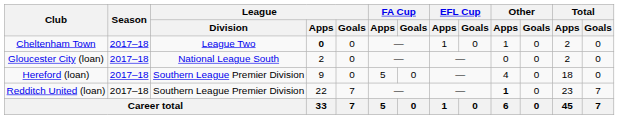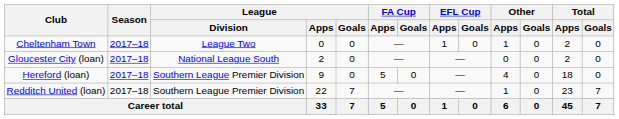 <table class="wikitable" style="text-align: center;">
 <tr>
 <th rowspan="2">Club</th>
 <th rowspan="2">Season</th>
 <th colspan="3">League</th>
 <th colspan="2"><a href='#'>FA Cup</a></th>
 <th colspan="2"><a href='#'>EFL Cup</a></th>
 <th colspan="2">Other</th>
 <th colspan="2">Total</th>
 </tr>
 <tr>
 <th>Division</th>
 <th>Apps</th>
 <th>Goals</th>
 <th>Apps</th>
 <th>Goals</th>
 <th>Apps</th>
 <th>Goals</th>
 <th>Apps</th>
 <th>Goals</th>
 <th>Apps</th>
 <th>Goals</th>
 </tr>
 <tr>
 <td rowspan="1" valign="center"><a href='#'>Cheltenham Town</a></td>
 <td><a href='#'>2017–18</a></td>
 <td><a href='#'>League Two</a></td>
-<td><strong>0</strong></td>
+<td>0</td>
 <td>0</td>
 <td colspan="2">—</td>
 <td>1</td>
 <td>0</td>
 <td>1</td>
 <td>0</td>
 <td>2</td>
 <td>0</td>
 </tr>
 <tr>
 <td rowspan="1" valign="center"><a href='#'>Gloucester City</a> (loan)</td>
 <td><a href='#'>2017–18</a></td>
 <td><a href='#'>National League South</a></td>
 <td>2</td>
 <td>0</td>
 <td colspan="2">—</td>
 <td colspan="2">—</td>
 <td>0</td>
 <td>0</td>
 <td>2</td>
 <td>0</td>
 </tr>
 <tr>
 <td rowspan="1" valign="center"><a href='#'>Hereford</a> (loan)</td>
 <td><a href='#'>2017–18</a></td>
 <td><a href='#'>Southern League</a> Premier Division</td>
 <td>9</td>
 <td>0</td>
 <td>5</td>
 <td>0</td>
 <td colspan="2">—</td>
 <td>4</td>
 <td>0</td>
 <td>18</td>
 <td>0</td>
 </tr>
 <tr>
 <td rowspan="1" valign="center"><a href='#'>Redditch United</a> (loan)</td>
 <td>2017–18</td>
 <td>Southern League Premier Division</td>
 <td>22</td>
 <td>7</td>
 <td colspan="2">—</td>
 <td colspan="2">—</td>
-<td><strong>1</strong></td>
+<td>1</td>
 <td>0</td>
 <td>23</td>
 <td>7</td>
 </tr>
 <tr>
 <th colspan="3">Career total</th>
 <th>33</th>
 <th>7</th>
 <th>5</th>
 <th>0</th>
 <th>1</th>
 <th>0</th>
 <th>6</th>
 <th>0</th>
 <th>45</th>
 <th>7</th>
 </tr>
 </table>
